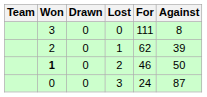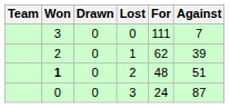 <table class="wikitable" style="text-align: center;">
 <tr>
 <th>Team</th>
 <th>Won</th>
 <th>Drawn</th>
 <th>Lost</th>
 <th>For</th>
 <th>Against</th>
 </tr>
 <tr bgcolor=ccffcc>
 <td align=left></td>
 <td>3</td>
 <td>0</td>
 <td>0</td>
 <td>111</td>
-<td>8</td>
+<td>7</td>
 </tr>
 <tr bgcolor=ccffcc>
 <td align=left></td>
 <td>2</td>
 <td>0</td>
 <td>1</td>
 <td>62</td>
 <td>39</td>
 </tr>
 <tr bgcolor=ccffcc>
 <td align=left></td>
 <td><strong>1</strong></td>
 <td>0</td>
 <td>2</td>
-<td>46</td>
-<td>50</td>
+<td>48</td>
+<td>51</td>
 </tr>
 <tr bgcolor=ccffcc>
 <td align=left></td>
 <td>0</td>
 <td>0</td>
 <td>3</td>
 <td>24</td>
 <td>87</td>
 </tr>
 </table>
